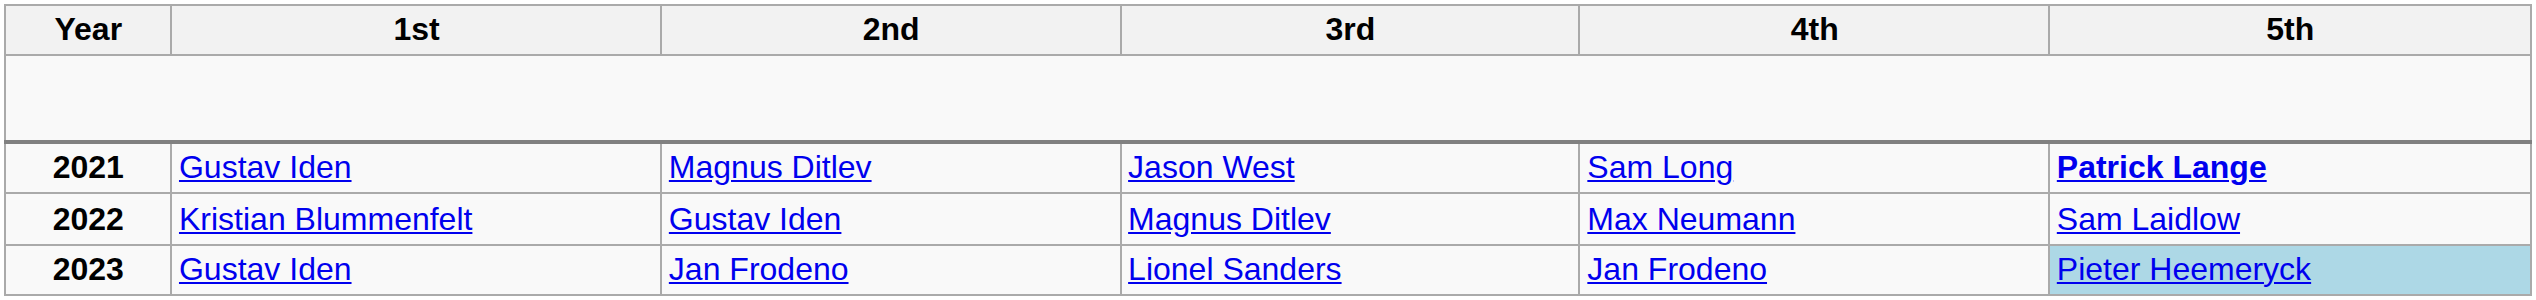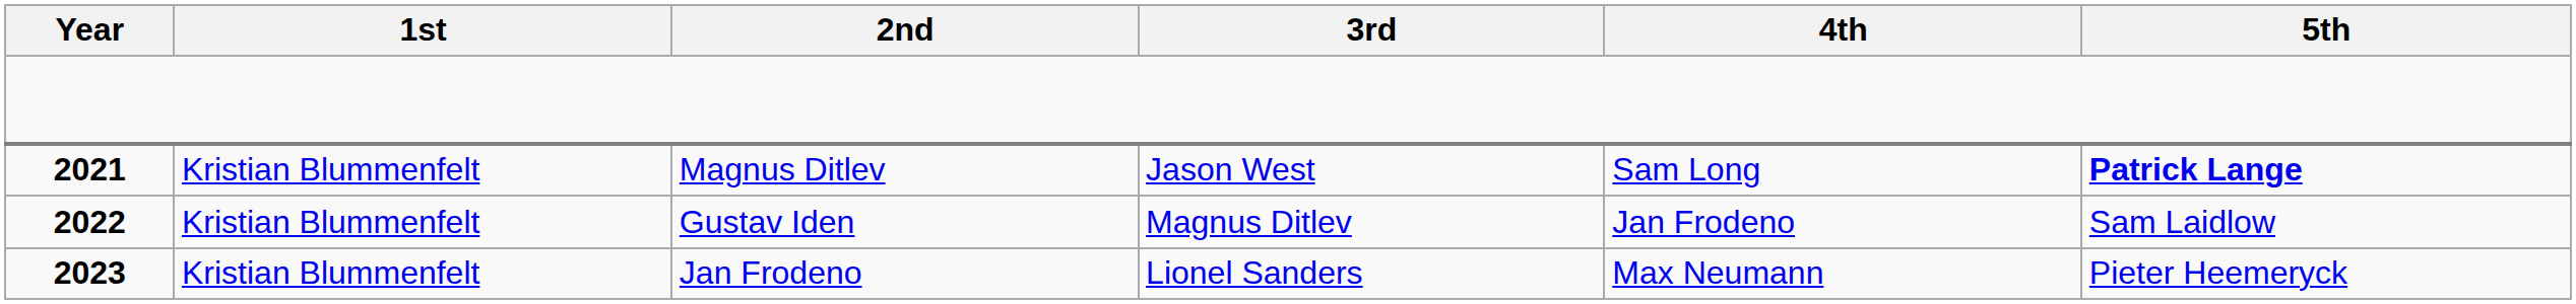 <table class="wikitable sortable" style="width: 100%";>
 <tr>
 <th width=120>Year</th>
 <th width=400>1st</th>
 <th width=400>2nd</th>
 <th width=400>3rd</th>
 <th width=400>4th</th>
 <th width=400>5th</th>
 </tr>
 <tr style="height: 2.7em; border-bottom: 2px solid gray;">
 </tr>
 <tr>
 <td style="text-align: center;"><strong>2021</strong></td>
-<td> <a href='#'>Gustav Iden</a></td>
+<td> <a href='#'>Kristian Blummenfelt</a></td>
 <td> <a href='#'>Magnus Ditlev</a></td>
 <td> <a href='#'>Jason West</a></td>
 <td> <a href='#'>Sam Long</a></td>
 <td><strong> <a href='#'>Patrick Lange</a></strong></td>
 </tr>
 <tr>
 <td style="text-align: center;"><strong>2022</strong></td>
 <td> <a href='#'>Kristian Blummenfelt</a></td>
 <td> <a href='#'>Gustav Iden</a></td>
 <td> <a href='#'>Magnus Ditlev</a></td>
-<td> <a href='#'>Max Neumann</a></td>
+<td> <a href='#'>Jan Frodeno</a></td>
 <td> <a href='#'>Sam Laidlow</a></td>
 </tr>
 <tr>
 <td style="text-align: center;"><strong>2023</strong></td>
-<td> <a href='#'>Gustav Iden</a></td>
+<td> <a href='#'>Kristian Blummenfelt</a></td>
 <td> <a href='#'>Jan Frodeno</a></td>
 <td> <a href='#'>Lionel Sanders</a></td>
-<td> <a href='#'>Jan Frodeno</a></td>
-<td style="background: lightblue;"> <a href='#'>Pieter Heemeryck</a></td>
+<td> <a href='#'>Max Neumann</a></td>
+<td> <a href='#'>Pieter Heemeryck</a></td>
 </tr>
 </table>
